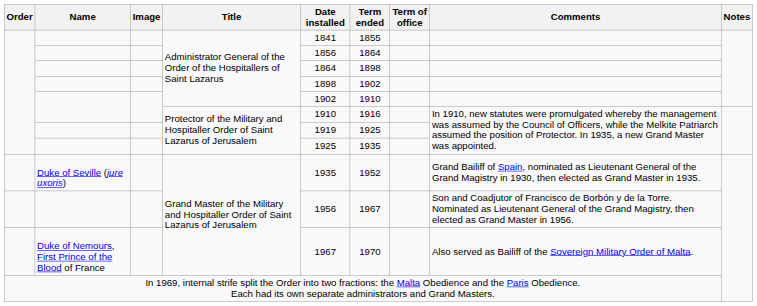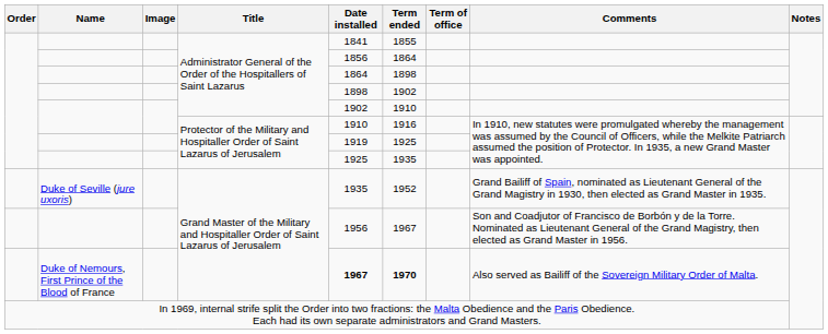 <table class="wikitable">
 <tr>
 <th>Order</th>
 <th>Name</th>
 <th>Image</th>
 <th>Title</th>
 <th>Date installed</th>
 <th>Term ended</th>
 <th>Term of office</th>
 <th>Comments</th>
 <th>Notes</th>
 </tr>
 <tr>
 <td rowspan="8" style="text-align:center;"></td>
 <td></td>
 <td></td>
 <td rowspan=5>Administrator General of the Order of the Hospitallers of Saint Lazarus</td>
 <td style="text-align:center;">1841</td>
 <td style="text-align:center;">1855</td>
 <td align="right"></td>
 <td></td>
 </tr>
 <tr>
 <td></td>
 <td></td>
 <td style="text-align:center;">1856</td>
 <td style="text-align:center;">1864</td>
 <td align="right"></td>
 <td></td>
 </tr>
 <tr>
 <td></td>
 <td></td>
 <td style="text-align:center;">1864</td>
 <td style="text-align:center;">1898</td>
 <td align="right"></td>
 <td></td>
 </tr>
 <tr>
 <td></td>
 <td></td>
 <td style="text-align:center;">1898</td>
 <td style="text-align:center;">1902</td>
 <td align="right"></td>
 <td></td>
 </tr>
 <tr>
 <td rowspan=2></td>
 <td rowspan=2></td>
 <td style="text-align:center;">1902</td>
 <td style="text-align:center;">1910</td>
 <td align="right"></td>
 <td></td>
 </tr>
 <tr>
 <td rowspan=3>Protector of the Military and Hospitaller Order of Saint Lazarus of Jerusalem</td>
 <td style="text-align:center;">1910</td>
 <td style="text-align:center;">1916</td>
 <td align="right"></td>
 <td rowspan=3>In 1910, new statutes were promulgated whereby the management was assumed by the Council of Officers, while the Melkite Patriarch assumed the position of Protector. In 1935, a new Grand Master was appointed.</td>
 <td rowspan=3></td>
 </tr>
 <tr>
 <td></td>
 <td></td>
 <td style="text-align:center;">1919</td>
 <td style="text-align:center;">1925</td>
 <td align="right"></td>
 </tr>
 <tr>
 <td></td>
 <td></td>
 <td style="text-align:center;">1925</td>
 <td style="text-align:center;">1935</td>
 <td align="right"></td>
 </tr>
 <tr>
 <td style="text-align:center;"></td>
 <td> <br><a href='#'>Duke of Seville</a> (<em><a href='#'>jure uxoris</a></em>)</td>
 <td></td>
 <td rowspan=3>Grand Master of the Military and Hospitaller Order of Saint Lazarus of Jerusalem</td>
 <td style="text-align:center;">1935</td>
 <td style="text-align:center;">1952</td>
 <td align="right"></td>
 <td>Grand Bailiff of <a href='#'>Spain</a>, nominated as Lieutenant General of the Grand Magistry in 1930, then elected as Grand Master in 1935.</td>
 </tr>
 <tr>
 <td style="text-align:center;"></td>
 <td></td>
 <td></td>
 <td style="text-align:center;">1956</td>
 <td style="text-align:center;">1967</td>
 <td align="right"></td>
 <td>Son and Coadjutor of Francisco de Borbón y de la Torre. Nominated as Lieutenant General of the Grand Magistry, then elected as Grand Master in 1956.</td>
 </tr>
 <tr>
 <td style="text-align:center;"></td>
 <td><br><a href='#'>Duke of Nemours</a>, <a href='#'>First Prince of the Blood</a> of France</td>
 <td></td>
-<td style="text-align:center;">1967</td>
-<td style="text-align:center;">1970</td>
+<td style="text-align:center;"><strong>1967</strong></td>
+<td style="text-align:center;"><strong>1970</strong></td>
 <td align="right"></td>
 <td>Also served as Bailiff of the <a href='#'>Sovereign Military Order of Malta</a>.</td>
 </tr>
 <tr>
 <td colspan="8" style="text-align:center;">In 1969, internal strife split the Order into two fractions: the <a href='#'>Malta</a> Obedience and the <a href='#'>Paris</a> Obedience.<br>Each had its own separate administrators and Grand Masters.</td>
 </tr>
 </table>
